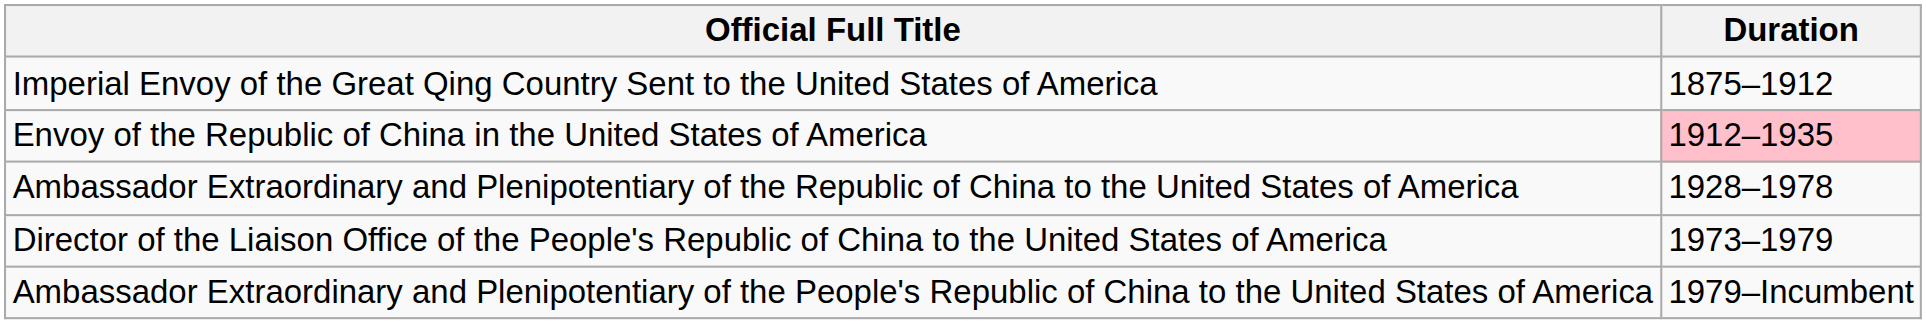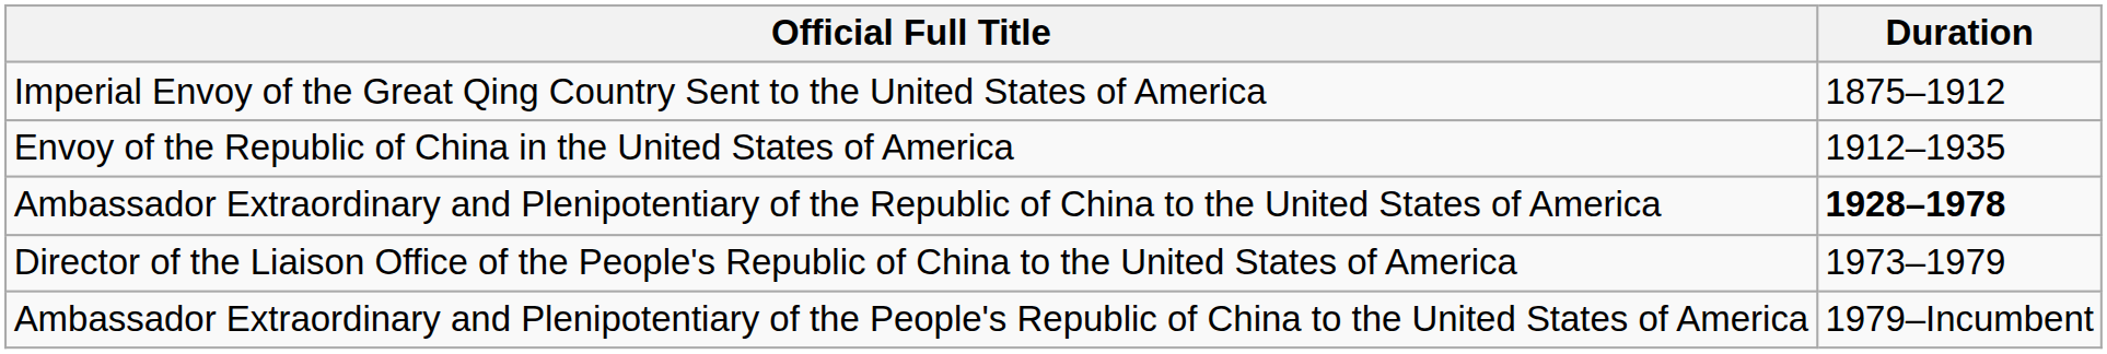 <table class="wikitable" border="1">
 <tr>
 <th>Official Full Title</th>
 <th>Duration</th>
 </tr>
 <tr>
 <td>Imperial Envoy of the Great Qing Country Sent to the United States of America</td>
 <td>1875–1912</td>
 </tr>
 <tr>
 <td>Envoy of the Republic of China in the United States of America</td>
-<td style="background: pink;">1912–1935</td>
+<td>1912–1935</td>
 </tr>
 <tr>
 <td>Ambassador Extraordinary and Plenipotentiary of the Republic of China to the United States of America</td>
-<td>1928–1978</td>
+<td><strong>1928–1978</strong></td>
 </tr>
 <tr>
 <td>Director of the Liaison Office of the People's Republic of China to the United States of America</td>
 <td>1973–1979</td>
 </tr>
 <tr>
 <td>Ambassador Extraordinary and Plenipotentiary of the People's Republic of China to the United States of America</td>
 <td>1979–Incumbent</td>
 </tr>
 </table>
